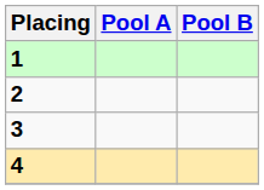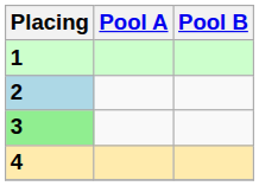 <table class=wikitable style="border:1px solid #AAAAAA;">
 <tr>
 <th>Placing</th>
 <th><a href='#'>Pool A</a></th>
 <th><a href='#'>Pool B</a></th>
 </tr>
 <tr style="background: #ccffcc;">
 <td><strong>1</strong></td>
 <td></td>
 <td></td>
 </tr>
 <tr>
-<td><strong>2</strong></td>
+<td style="background: lightblue;"><strong>2</strong></td>
 <td></td>
 <td></td>
 </tr>
 <tr>
-<td><strong>3</strong></td>
+<td style="background: lightgreen;"><strong>3</strong></td>
 <td></td>
 <td></td>
 </tr>
 <tr style="background: #ffebad;">
 <td><strong>4</strong></td>
 <td></td>
 <td></td>
 </tr>
 <tr>
 </tr>
 </table>
